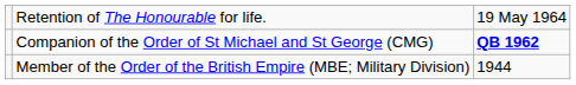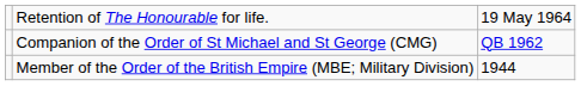 <table class="wikitable">
 <tr>
 <td></td>
 <td>Retention of <em><a href='#'>The Honourable</a></em> for life.</td>
 <td>19 May 1964</td>
 </tr>
 <tr>
 <td></td>
 <td>Companion of the <a href='#'>Order of St Michael and St George</a> (CMG)</td>
-<td><strong><a href='#'>QB 1962</a></strong></td>
+<td><a href='#'>QB 1962</a></td>
 </tr>
 <tr>
 <td></td>
 <td>Member of the <a href='#'>Order of the British Empire</a> (MBE; Military Division)</td>
 <td>1944</td>
 </tr>
 </table>
